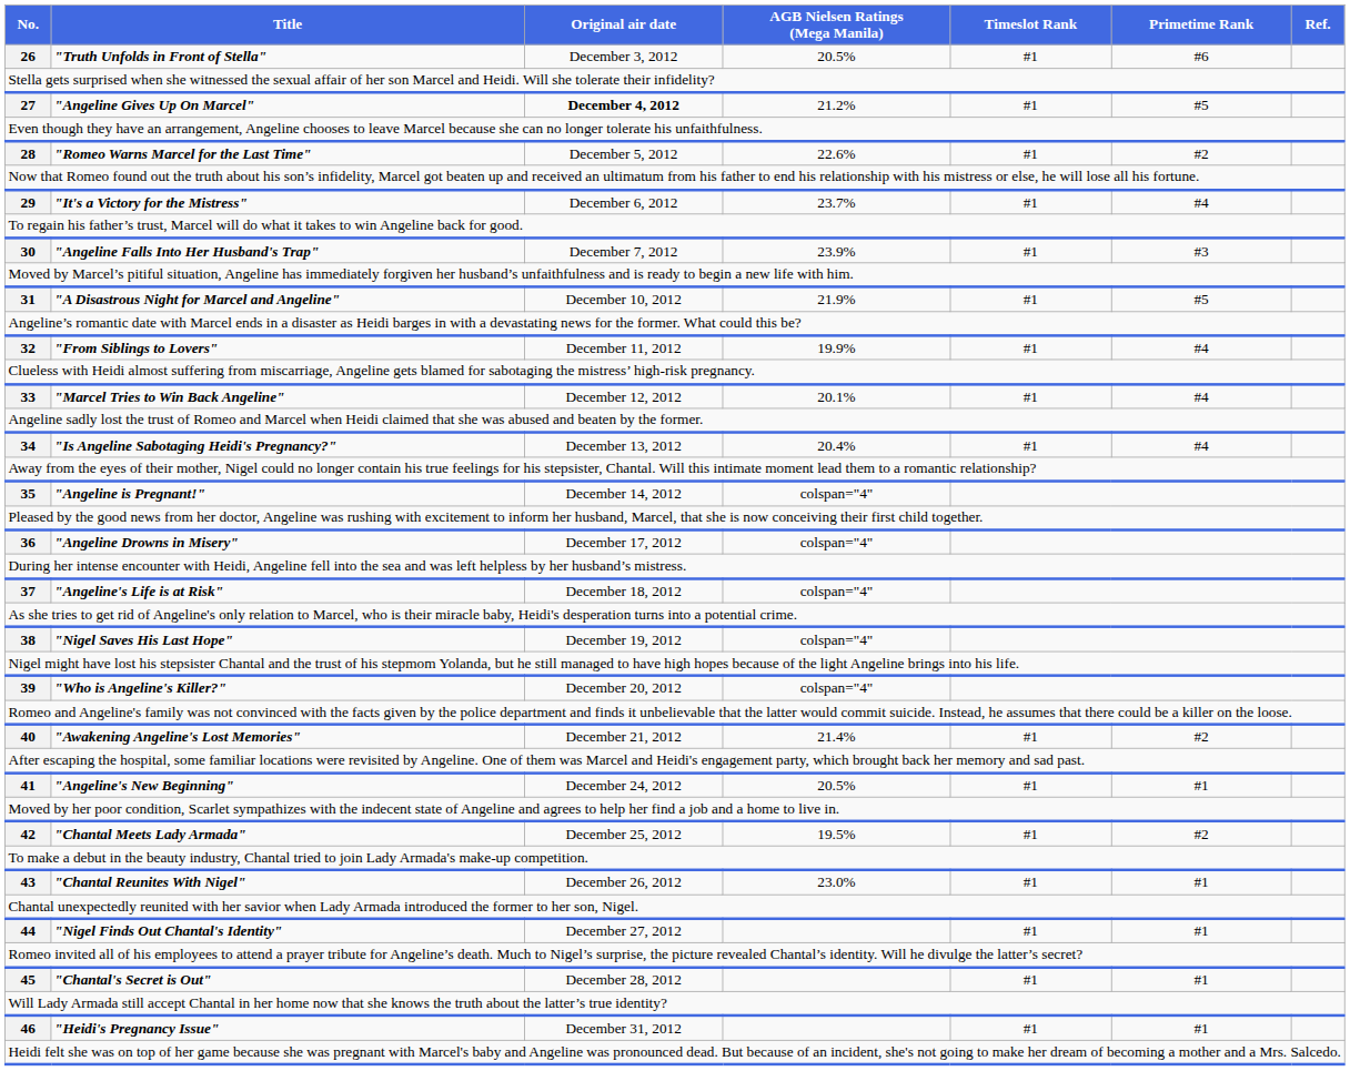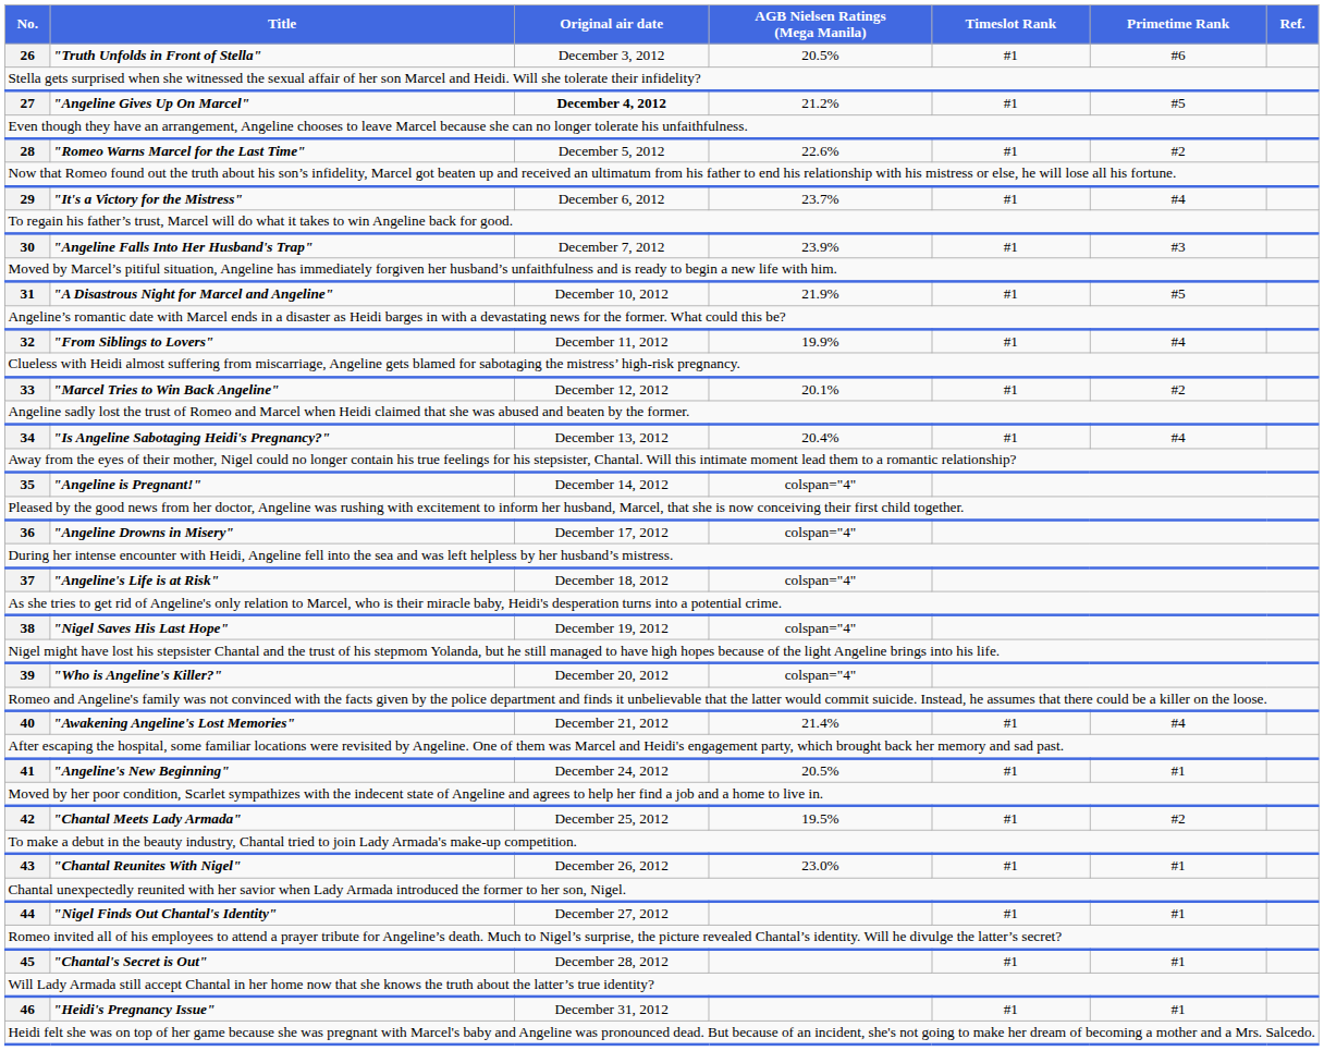 <table class="wikitable" style="text-align:center">
 <tr>
 <th style="background:#4169E1; color:#ffffff">No.</th>
 <th style="background:#4169E1; color:#ffffff">Title</th>
 <th style="background:#4169E1; color:#ffffff">Original air date</th>
 <th style="background:#4169E1; color:#ffffff">AGB Nielsen Ratings<br>(Mega Manila)</th>
 <th style="background:#4169E1; color:#ffffff">Timeslot Rank</th>
 <th style="background:#4169E1; color:#ffffff">Primetime Rank</th>
 <th style="background:#4169E1; color:#ffffff">Ref.</th>
 </tr>
 <tr>
 <th>26</th>
 <td align="left"><strong><em>"Truth Unfolds in Front of Stella"</em></strong></td>
 <td>December 3, 2012</td>
 <td>20.5%</td>
 <td>#1</td>
 <td>#6</td>
 <td></td>
 </tr>
 <tr>
 <td colspan = "7" style="text-align: left; border-bottom: 3px solid #4169E1;">Stella gets surprised when she witnessed the sexual affair of her son Marcel and Heidi. Will she tolerate their infidelity?</td>
 </tr>
 <tr>
 <th>27</th>
 <td align="left"><strong><em>"Angeline Gives Up On Marcel"</em></strong></td>
 <td><strong>December 4, 2012</strong></td>
 <td>21.2%</td>
 <td>#1</td>
 <td>#5</td>
 <td></td>
 </tr>
 <tr>
 <td colspan = "7" style="text-align: left; border-bottom: 3px solid #4169E1;">Even though they have an arrangement, Angeline chooses to leave Marcel because she can no longer tolerate his unfaithfulness.</td>
 </tr>
 <tr>
 <th>28</th>
 <td align="left"><strong><em>"Romeo Warns Marcel for the Last Time"</em></strong></td>
 <td>December 5, 2012</td>
 <td>22.6%</td>
 <td>#1</td>
 <td>#2</td>
 <td></td>
 </tr>
 <tr>
 <td colspan = "7" style="text-align: left; border-bottom: 3px solid #4169E1;">Now that Romeo found out the truth about his son’s infidelity, Marcel got beaten up and received an ultimatum from his father to end his relationship with his mistress or else, he will lose all his fortune.</td>
 </tr>
 <tr>
 <th>29</th>
 <td align="left"><strong><em>"It's a Victory for the Mistress"</em></strong></td>
 <td>December 6, 2012</td>
 <td>23.7%</td>
 <td>#1</td>
 <td>#4</td>
 <td></td>
 </tr>
 <tr>
 <td colspan = "7" style="text-align: left; border-bottom: 3px solid #4169E1;">To regain his father’s trust, Marcel will do what it takes to win Angeline back for good.</td>
 </tr>
 <tr>
 <th>30</th>
 <td align="left"><strong><em>"Angeline Falls Into Her Husband's Trap"</em></strong></td>
 <td>December 7, 2012</td>
 <td>23.9%</td>
 <td>#1</td>
 <td>#3</td>
 <td></td>
 </tr>
 <tr>
 <td colspan = "7" style="text-align: left; border-bottom: 3px solid #4169E1;">Moved by Marcel’s pitiful situation, Angeline has immediately forgiven her husband’s unfaithfulness and is ready to begin a new life with him.</td>
 </tr>
 <tr>
 <th>31</th>
 <td align="left"><strong><em>"A Disastrous Night for Marcel and Angeline"</em></strong></td>
 <td>December 10, 2012</td>
 <td>21.9%</td>
 <td>#1</td>
 <td>#5</td>
 <td></td>
 </tr>
 <tr>
 <td colspan = "7" style="text-align: left; border-bottom: 3px solid #4169E1;">Angeline’s romantic date with Marcel ends in a disaster as Heidi barges in with a devastating news for the former. What could this be?</td>
 </tr>
 <tr>
 <th>32</th>
 <td align="left"><strong><em>"From Siblings to Lovers"</em></strong></td>
 <td>December 11, 2012</td>
 <td>19.9%</td>
 <td>#1</td>
 <td>#4</td>
 <td></td>
 </tr>
 <tr>
 <td colspan = "7" style="text-align: left; border-bottom: 3px solid #4169E1;">Clueless with Heidi almost suffering from miscarriage, Angeline gets blamed for sabotaging the mistress’ high-risk pregnancy.</td>
 </tr>
 <tr>
 <th>33</th>
 <td align="left"><strong><em>"Marcel Tries to Win Back Angeline"</em></strong></td>
 <td>December 12, 2012</td>
 <td>20.1%</td>
 <td>#1</td>
-<td>#4</td>
+<td>#2</td>
 <td></td>
 </tr>
 <tr>
 <td colspan = "7" style="text-align: left; border-bottom: 3px solid #4169E1;">Angeline sadly lost the trust of Romeo and Marcel when Heidi claimed that she was abused and beaten by the former.</td>
 </tr>
 <tr>
 <th>34</th>
 <td align="left"><strong><em>"Is Angeline Sabotaging Heidi's Pregnancy?"</em></strong></td>
 <td>December 13, 2012</td>
 <td>20.4%</td>
 <td>#1</td>
 <td>#4</td>
 <td></td>
 </tr>
 <tr>
 <td colspan = "7" style="text-align: left; border-bottom: 3px solid #4169E1;">Away from the eyes of their mother, Nigel  could no longer contain his true feelings for his stepsister, Chantal. Will this intimate moment lead them to a romantic relationship?</td>
 </tr>
 <tr>
 <th>35</th>
 <td align="left"><strong><em>"Angeline is Pregnant!"</em></strong></td>
 <td>December 14, 2012</td>
 <td>colspan="4" </td>
 </tr>
 <tr>
 <td colspan = "7" style="text-align: left; border-bottom: 3px solid #4169E1;">Pleased by the good news from her doctor, Angeline was rushing with excitement to inform her husband, Marcel, that she is now conceiving their first child together.</td>
 </tr>
 <tr>
 <th>36</th>
 <td align="left"><strong><em>"Angeline Drowns in Misery"</em></strong></td>
 <td>December 17, 2012</td>
 <td>colspan="4" </td>
 </tr>
 <tr>
 <td colspan = "7" style="text-align: left; border-bottom: 3px solid #4169E1;">During her intense encounter with Heidi, Angeline fell into the sea and was left helpless by her husband’s mistress.</td>
 </tr>
 <tr>
 <th>37</th>
 <td align="left"><strong><em>"Angeline's Life is at Risk"</em></strong></td>
 <td>December 18, 2012</td>
 <td>colspan="4" </td>
 </tr>
 <tr>
 <td colspan = "7" style="text-align: left; border-bottom: 3px solid #4169E1;">As she tries to get rid of Angeline's only relation to Marcel, who is their miracle baby, Heidi's desperation turns into a potential crime.</td>
 </tr>
 <tr>
 <th>38</th>
 <td align="left"><strong><em>"Nigel Saves His Last Hope"</em></strong></td>
 <td>December 19, 2012</td>
 <td>colspan="4" </td>
 </tr>
 <tr>
 <td colspan = "7" style="text-align: left; border-bottom: 3px solid #4169E1;">Nigel might have lost his stepsister Chantal and the trust of his stepmom Yolanda, but he still managed to have high hopes because of the light Angeline brings into his life.</td>
 </tr>
 <tr>
 <th>39</th>
 <td align="left"><strong><em>"Who is Angeline's Killer?"</em></strong></td>
 <td>December 20, 2012</td>
 <td>colspan="4" </td>
 </tr>
 <tr>
 <td colspan = "7" style="text-align: left; border-bottom: 3px solid #4169E1;">Romeo and Angeline's family was not convinced with the facts given by the police department and finds it unbelievable that the latter would commit suicide. Instead, he assumes that there could be a killer on the loose.</td>
 </tr>
 <tr>
 <th>40</th>
 <td align="left"><strong><em>"Awakening Angeline's Lost Memories"</em></strong></td>
 <td>December 21, 2012</td>
 <td>21.4%</td>
 <td>#1</td>
-<td>#2</td>
+<td>#4</td>
 <td></td>
 </tr>
 <tr>
 <td colspan = "7" style="text-align: left; border-bottom: 3px solid #4169E1;">After escaping the hospital, some familiar locations were revisited by Angeline. One of them was Marcel and Heidi's engagement party, which brought back her memory and sad past.</td>
 </tr>
 <tr>
 <th>41</th>
 <td align="left"><strong><em>"Angeline's New Beginning"</em></strong></td>
 <td>December 24, 2012</td>
 <td>20.5%</td>
 <td>#1</td>
 <td>#1</td>
 <td></td>
 </tr>
 <tr>
 <td colspan = "7" style="text-align: left; border-bottom: 3px solid #4169E1;">Moved by her poor condition, Scarlet sympathizes with the indecent state of Angeline and agrees to help her find a job and a home to live in.</td>
 </tr>
 <tr>
 <th>42</th>
 <td align="left"><strong><em>"Chantal Meets Lady Armada"</em></strong></td>
 <td>December 25, 2012</td>
 <td>19.5%</td>
 <td>#1</td>
 <td>#2</td>
 <td></td>
 </tr>
 <tr>
 <td colspan = "7" style="text-align: left; border-bottom: 3px solid #4169E1;">To make a debut in the beauty industry, Chantal tried to join Lady Armada's make-up competition.</td>
 </tr>
 <tr>
 <th>43</th>
 <td align="left"><strong><em>"Chantal Reunites With Nigel"</em></strong></td>
 <td>December 26, 2012</td>
 <td>23.0%</td>
 <td>#1</td>
 <td>#1</td>
 <td></td>
 </tr>
 <tr>
 <td colspan = "7" style="text-align: left; border-bottom: 3px solid #4169E1;">Chantal unexpectedly reunited with her savior when Lady Armada introduced the former to her son, Nigel.</td>
 </tr>
 <tr>
 <th>44</th>
 <td align="left"><strong><em>"Nigel Finds Out Chantal's Identity"</em></strong></td>
 <td>December 27, 2012</td>
 <td></td>
 <td>#1</td>
 <td>#1</td>
 <td></td>
 </tr>
 <tr>
 <td colspan = "7" style="text-align: left; border-bottom: 3px solid #4169E1;">Romeo invited all of his employees to attend a prayer tribute for Angeline’s death. Much to Nigel’s surprise, the picture revealed Chantal’s identity. Will he divulge the latter’s secret?</td>
 </tr>
 <tr>
 <th>45</th>
 <td align="left"><strong><em>"Chantal's Secret is Out"</em></strong></td>
 <td>December 28, 2012</td>
 <td></td>
 <td>#1</td>
 <td>#1</td>
 <td></td>
 </tr>
 <tr>
 <td colspan = "7" style="text-align: left; border-bottom: 3px solid #4169E1;">Will Lady Armada still accept Chantal in her home now that she knows the truth about the latter’s true identity?</td>
 </tr>
 <tr>
 <th>46</th>
 <td align="left"><strong><em>"Heidi's Pregnancy Issue"</em></strong></td>
 <td>December 31, 2012</td>
 <td></td>
 <td>#1</td>
 <td>#1</td>
 <td></td>
 </tr>
 <tr>
 <td colspan = "7" style="text-align: left; border-bottom: 3px solid #4169E1;">Heidi felt she was on top of her game because she was pregnant with Marcel's baby and Angeline was pronounced dead. But because of an incident, she's not going to make her dream of becoming a mother and a Mrs. Salcedo.</td>
 </tr>
 </table>
